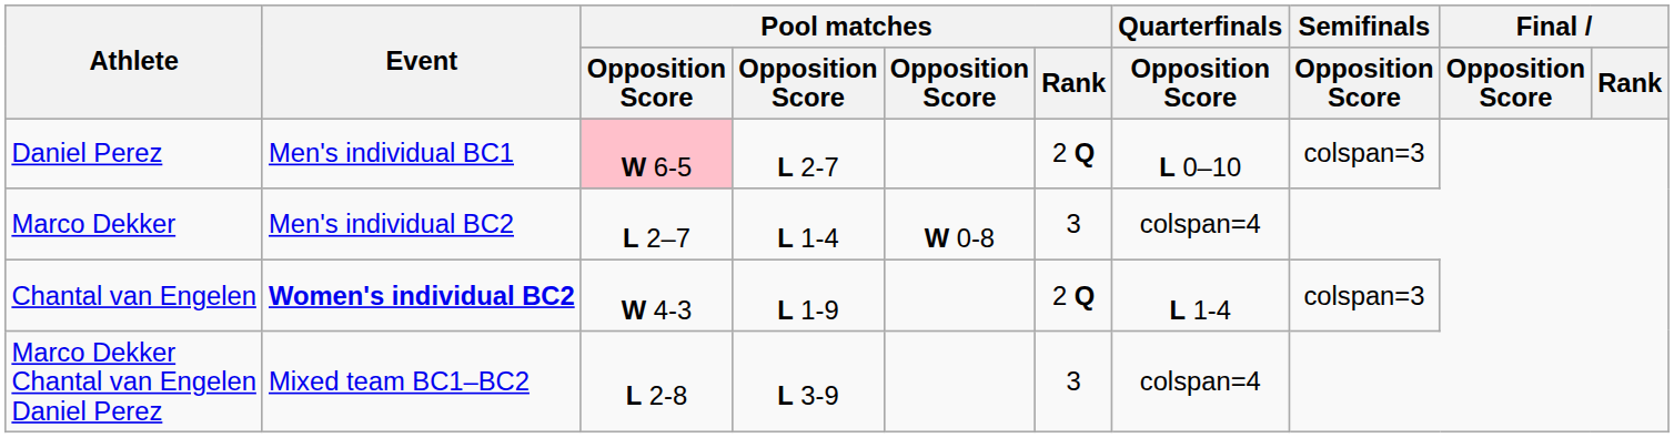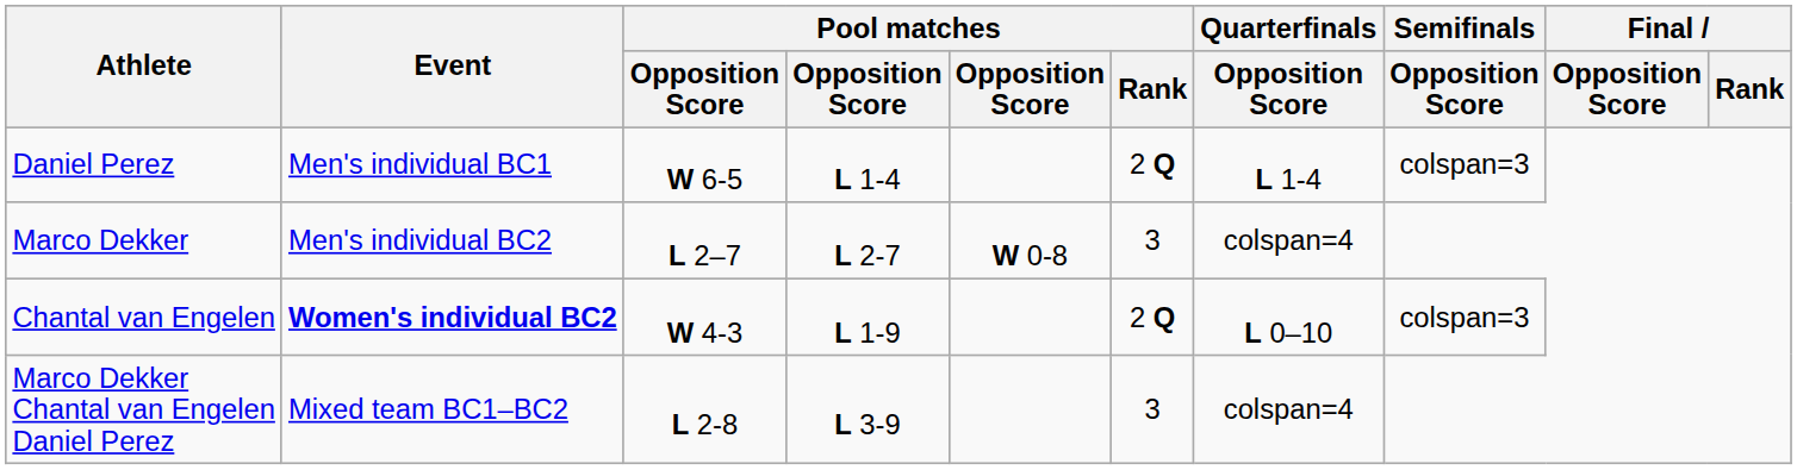 <table class=wikitable style="font-size:90%">
 <tr>
 <th rowspan="2">Athlete</th>
 <th rowspan="2">Event</th>
 <th colspan="4">Pool matches</th>
 <th>Quarterfinals</th>
 <th>Semifinals</th>
 <th colspan=2>Final / </th>
 </tr>
 <tr>
 <th>Opposition<br>Score</th>
 <th>Opposition<br>Score</th>
 <th>Opposition<br>Score</th>
 <th>Rank</th>
 <th>Opposition<br>Score</th>
 <th>Opposition<br>Score</th>
 <th>Opposition<br>Score</th>
 <th>Rank</th>
 </tr>
 <tr align=center>
 <td align=left><a href='#'>Daniel Perez</a></td>
 <td align=left><a href='#'>Men's individual BC1</a></td>
-<td style="background: pink;"><br><strong>W</strong> 6-5</td>
-<td><br><strong>L</strong> 2-7</td>
+<td><br><strong>W</strong> 6-5</td>
+<td><br><strong>L</strong> 1-4</td>
 <td></td>
 <td>2 <strong>Q</strong></td>
-<td><br><strong>L</strong> 0–10</td>
+<td><br><strong>L</strong> 1-4</td>
 <td>colspan=3 </td>
 </tr>
 <tr align=center>
 <td align=left><a href='#'>Marco Dekker</a></td>
 <td align=left><a href='#'>Men's individual BC2</a></td>
 <td><br><strong>L</strong> 2–7</td>
-<td><br><strong>L</strong> 1-4</td>
+<td><br><strong>L</strong> 2-7</td>
 <td><br><strong>W</strong> 0-8</td>
 <td>3</td>
 <td>colspan=4 </td>
 </tr>
 <tr align=center>
 <td align=left><a href='#'>Chantal van Engelen</a></td>
 <td align=left><strong><a href='#'>Women's individual BC2</a></strong></td>
 <td><br><strong>W</strong> 4-3</td>
 <td><br><strong>L</strong> 1-9</td>
 <td></td>
 <td>2 <strong>Q</strong></td>
-<td><br><strong>L</strong> 1-4</td>
+<td><br><strong>L</strong> 0–10</td>
 <td>colspan=3 </td>
 </tr>
 <tr align=center>
 <td align=left><a href='#'>Marco Dekker</a><br><a href='#'>Chantal van Engelen</a><br><a href='#'>Daniel Perez</a></td>
 <td align=left><a href='#'>Mixed team BC1–BC2</a></td>
 <td><br><strong>L</strong> 2-8</td>
 <td><br><strong>L</strong> 3-9</td>
 <td></td>
 <td>3</td>
 <td>colspan=4 </td>
 </tr>
 </table>
